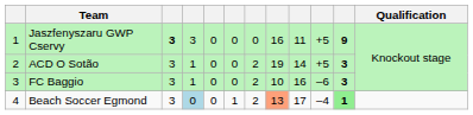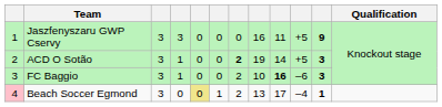 <table class="wikitable" style="font-size: 95%">
 <tr>
 <th width="25"></th>
 <th width="200">Team</th>
 <th width="25"></th>
 <th width="25"></th>
 <th width="25"></th>
 <th width="25"></th>
 <th width="25"></th>
 <th width="25"></th>
 <th width="25"></th>
 <th width="25"></th>
 <th width="25"></th>
 <th width="160">Qualification</th>
 </tr>
 <tr align=center bgcolor=#bbf3bb>
 <td>1</td>
 <td align=left> Jaszfenyszaru GWP Cservy</td>
-<td><strong>3</strong></td>
+<td>3</td>
 <td>3</td>
 <td>0</td>
 <td>0</td>
 <td>0</td>
 <td>16</td>
 <td>11</td>
 <td>+5</td>
 <td><strong>9</strong></td>
 <td rowspan=3>Knockout stage</td>
 </tr>
 <tr align=center bgcolor=#bbf3bb>
 <td>2</td>
 <td align=left> ACD O Sotão</td>
 <td>3</td>
 <td>1</td>
 <td>0</td>
 <td>0</td>
-<td>2</td>
+<td><strong>2</strong></td>
 <td>19</td>
 <td>14</td>
 <td>+5</td>
 <td><strong>3</strong></td>
 </tr>
 <tr align=center bgcolor=#bbf3bb>
 <td>3</td>
 <td align=left> FC Baggio</td>
 <td>3</td>
 <td>1</td>
 <td>0</td>
 <td>0</td>
 <td>2</td>
 <td>10</td>
-<td>16</td>
+<td><strong>16</strong></td>
 <td>–6</td>
 <td><strong>3</strong></td>
 </tr>
 <tr align=center>
-<td>4</td>
+<td style="background: pink;">4</td>
 <td align=left> Beach Soccer Egmond</td>
 <td>3</td>
-<td style="background: lightblue;">0</td>
 <td>0</td>
+<td style="background: khaki;">0</td>
 <td>1</td>
 <td>2</td>
-<td style="background: lightsalmon;">13</td>
+<td>13</td>
 <td>17</td>
 <td>–4</td>
-<td style="background: lightgreen;"><strong>1</strong></td>
+<td><strong>1</strong></td>
 <td></td>
 </tr>
 </table>
